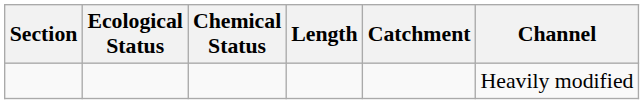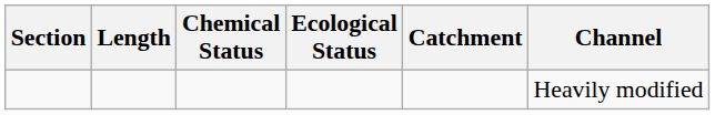 <table class="wikitable">
 <tr>
 <th>Section</th>
+<th>Length</th>
+<th>Chemical<br>Status</th>
 <th>Ecological<br>Status</th>
-<th>Chemical<br>Status</th>
-<th>Length</th>
 <th>Catchment</th>
 <th>Channel</th>
 </tr>
 <tr>
 <td></td>
 <td></td>
 <td></td>
 <td></td>
 <td></td>
 <td>Heavily modified</td>
 </tr>
 </table>
